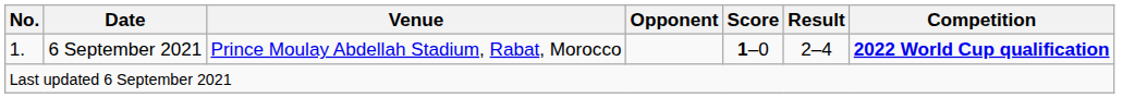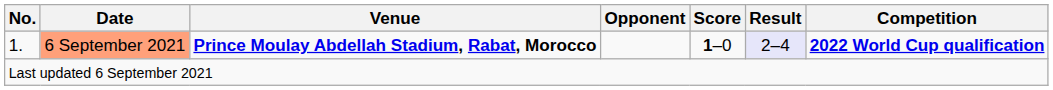 <table class="wikitable" style="font-size:85%;">
 <tr>
 <th>No.</th>
 <th>Date</th>
 <th>Venue</th>
 <th>Opponent</th>
 <th>Score</th>
 <th>Result</th>
 <th>Competition</th>
 </tr>
 <tr>
 <td>1.</td>
-<td>6 September 2021</td>
-<td><a href='#'>Prince Moulay Abdellah Stadium</a>, <a href='#'>Rabat</a>, Morocco</td>
+<td style="background: lightsalmon;">6 September 2021</td>
+<td><strong><a href='#'>Prince Moulay Abdellah Stadium</a>, <a href='#'>Rabat</a>, Morocco</strong></td>
 <td></td>
 <td align=center><strong>1</strong>–0</td>
-<td align=center>2–4</td>
+<td align=center style="background: lavender;">2–4</td>
 <td><strong><a href='#'>2022 World Cup qualification</a></strong></td>
 </tr>
 <tr>
 <td colspan="7"><small>Last updated 6 September 2021</small></td>
 </tr>
 </table>
